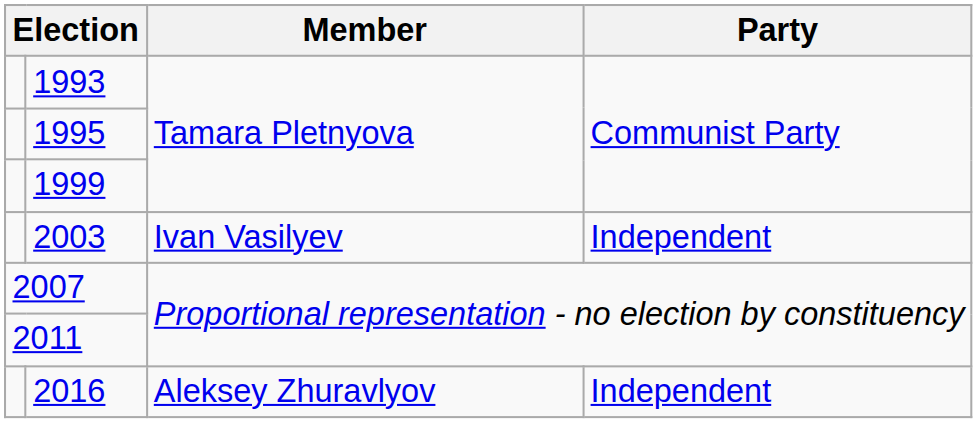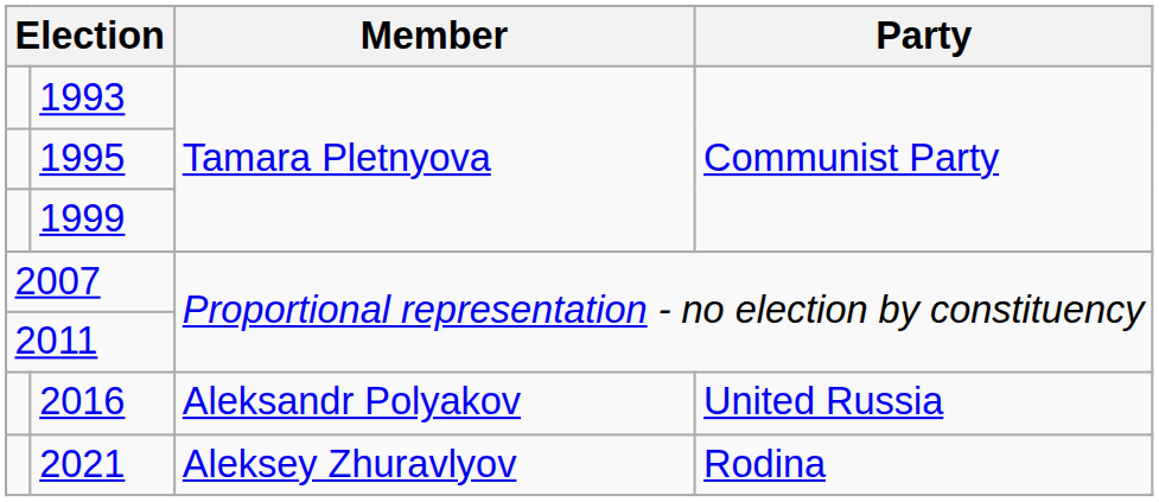 <table class="wikitable">
 <tr>
 <th colspan="2">Election</th>
 <th>Member</th>
 <th>Party</th>
 </tr>
 <tr>
 <td style="background-color:"></td>
 <td><a href='#'>1993</a></td>
 <td rowspan=3><a href='#'>Tamara Pletnyova</a></td>
 <td rowspan=3><a href='#'>Communist Party</a></td>
 </tr>
 <tr>
 <td style="background-color:"></td>
 <td><a href='#'>1995</a></td>
 </tr>
 <tr>
 <td style="background-color:"></td>
 <td><a href='#'>1999</a></td>
 </tr>
 <tr>
-<td style="background-color:"></td>
-<td><a href='#'>2003</a></td>
-<td><a href='#'>Ivan Vasilyev</a></td>
-<td><a href='#'>Independent</a></td>
-</tr>
-<tr>
 <td colspan=2><a href='#'>2007</a></td>
 <td colspan=2 rowspan=2><em><a href='#'>Proportional representation</a> - no election by constituency</em></td>
 </tr>
 <tr>
 <td colspan=2><a href='#'>2011</a></td>
 </tr>
 <tr>
 <td style="background-color: "></td>
 <td><a href='#'>2016</a></td>
+<td><a href='#'>Aleksandr Polyakov</a></td>
+<td><a href='#'>United Russia</a></td>
+</tr>
+<tr>
+<td style="background-color: "></td>
+<td><a href='#'>2021</a></td>
 <td><a href='#'>Aleksey Zhuravlyov</a></td>
-<td><a href='#'>Independent</a></td>
+<td><a href='#'>Rodina</a></td>
 </tr>
 </table>
